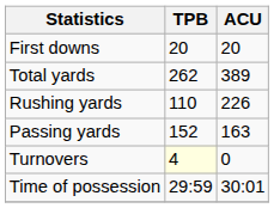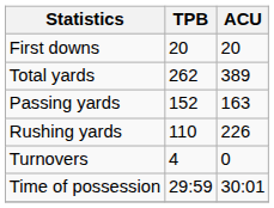 <table class="wikitable" style="float: left;">
 <tr>
 <th>Statistics</th>
 <th>TPB</th>
 <th>ACU</th>
 </tr>
 <tr>
 <td>First downs</td>
 <td>20</td>
 <td>20</td>
 </tr>
 <tr>
 <td>Total yards</td>
 <td>262</td>
 <td>389</td>
 </tr>
 <tr>
+<td>Passing yards</td>
+<td>152</td>
+<td>163</td>
+</tr>
+<tr>
 <td>Rushing yards</td>
 <td>110</td>
 <td>226</td>
 </tr>
 <tr>
-<td>Passing yards</td>
-<td>152</td>
-<td>163</td>
-</tr>
-<tr>
 <td>Turnovers</td>
-<td style="background: lightyellow;">4</td>
+<td>4</td>
 <td>0</td>
 </tr>
 <tr>
 <td>Time of possession</td>
 <td>29:59</td>
 <td>30:01</td>
 </tr>
 <tr>
 </tr>
 </table>
